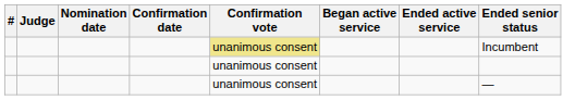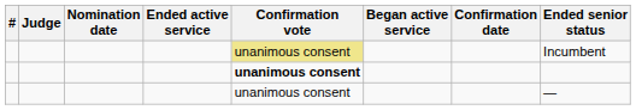 <table class="sortable wikitable">
 <tr bgcolor="#ececec">
 <th>#</th>
 <th>Judge</th>
 <th>Nomination<br>date</th>
-<th>Confirmation<br>date</th>
+<th>Ended active<br>service</th>
 <th>Confirmation<br>vote</th>
 <th>Began active<br>service</th>
-<th>Ended active<br>service</th>
+<th>Confirmation<br>date</th>
 <th>Ended senior<br>status</th>
 </tr>
 <tr>
 <td></td>
 <td></td>
 <td></td>
 <td></td>
 <td style="background: khaki;">unanimous consent</td>
 <td></td>
 <td></td>
 <td>Incumbent</td>
 </tr>
 <tr>
 <td></td>
 <td></td>
 <td></td>
 <td></td>
-<td>unanimous consent</td>
+<td><strong>unanimous consent</strong></td>
 <td></td>
 <td></td>
 <td></td>
 </tr>
 <tr>
 <td></td>
 <td></td>
 <td></td>
 <td></td>
 <td>unanimous consent</td>
 <td></td>
 <td></td>
 <td>—</td>
 </tr>
 </table>
